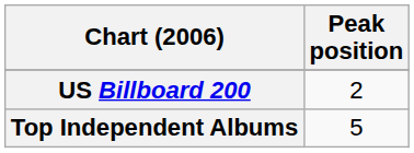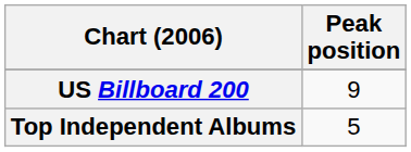 <table class="wikitable plainrowheaders">
 <tr>
 <th scope="col">Chart (2006)</th>
 <th scope="col">Peak<br>position</th>
 </tr>
 <tr>
 </tr>
 <tr>
 <th scope="row">US <em><a href='#'>Billboard 200</a></em></th>
-<td align="center">2</td>
+<td align="center">9</td>
 </tr>
 <tr>
 <th scope="row">Top Independent Albums</th>
 <td align="center">5</td>
 </tr>
 </table>
